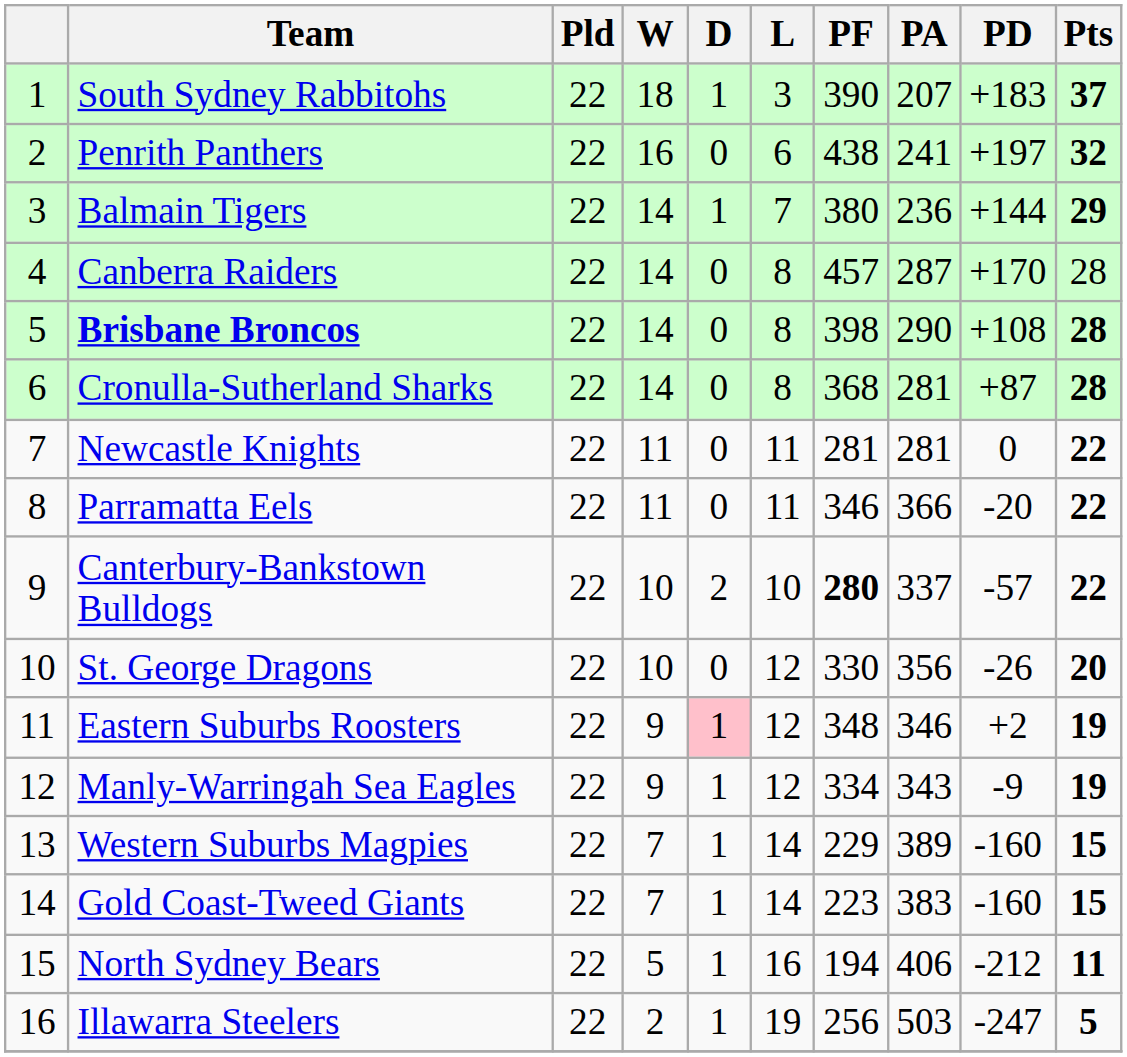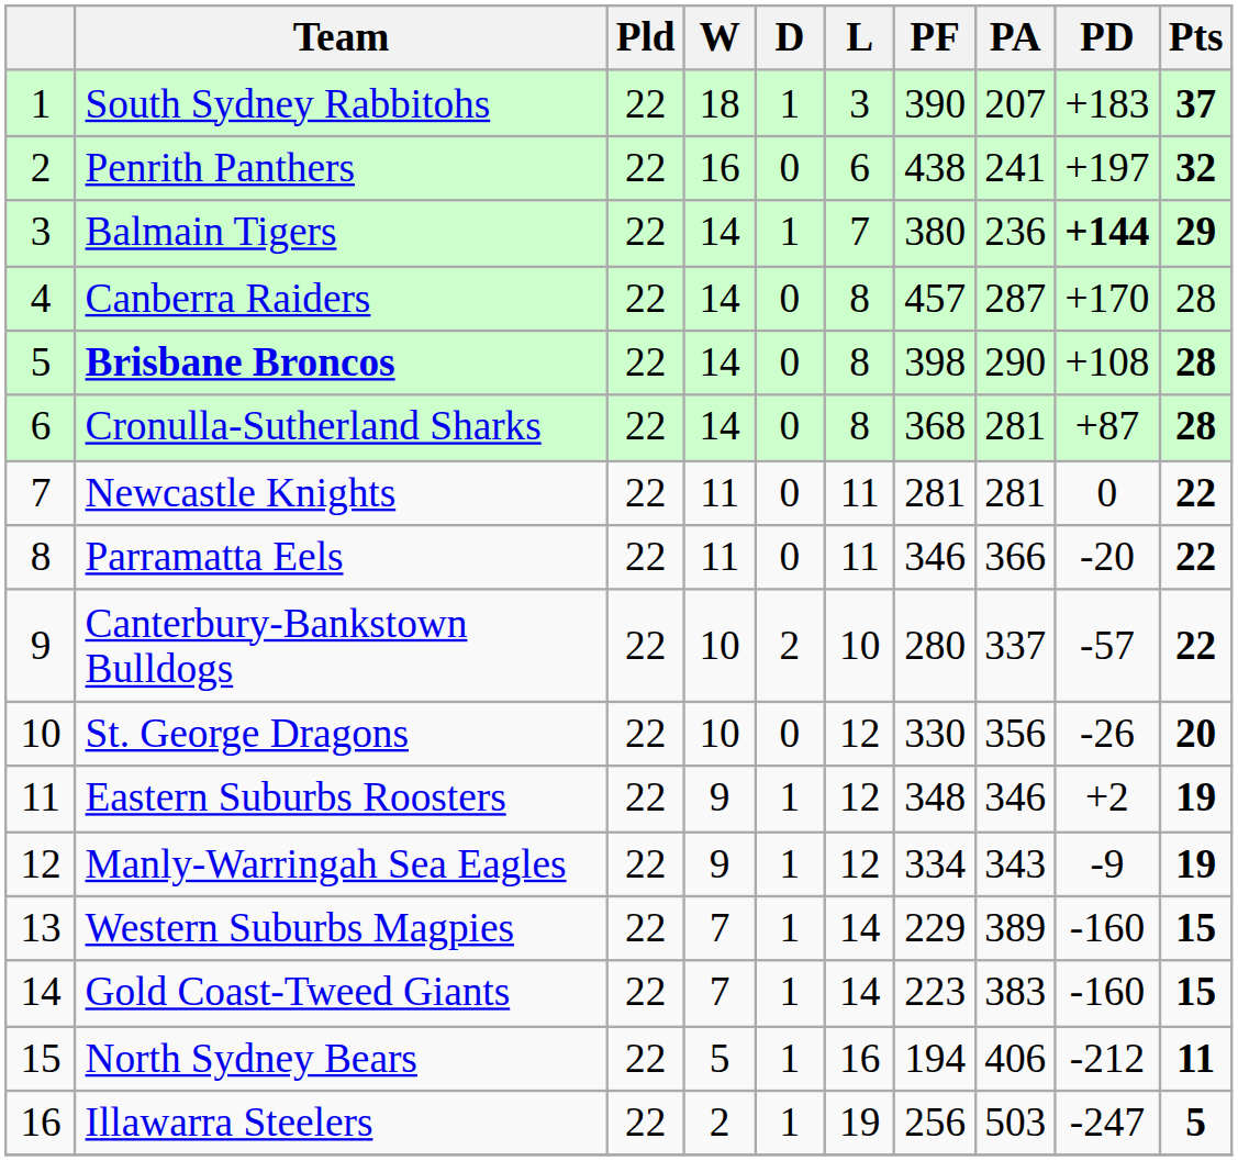 <table class="wikitable" style="text-align:center;">
 <tr>
 <th width=20 abbr="Position×"></th>
 <th width=200>Team</th>
 <th width=20 abbr="Played">Pld</th>
 <th width=20 abbr="Won">W</th>
 <th width=20 abbr="Drawn">D</th>
 <th width=20 abbr="Lost">L</th>
 <th width=20 abbr="Points for">PF</th>
 <th width=20 abbr="Points against">PA</th>
 <th width=20 abbr="Points difference">PD</th>
 <th width=20 abbr="Points">Pts</th>
 </tr>
 <tr style="background: #ccffcc;">
 <td>1</td>
 <td style="text-align:left;"> <a href='#'>South Sydney Rabbitohs</a></td>
 <td>22</td>
 <td>18</td>
 <td>1</td>
 <td>3</td>
 <td>390</td>
 <td>207</td>
 <td>+183</td>
 <td><strong>37</strong></td>
 </tr>
 <tr style="background: #ccffcc;">
 <td>2</td>
 <td style="text-align:left;"> <a href='#'>Penrith Panthers</a></td>
 <td>22</td>
 <td>16</td>
 <td>0</td>
 <td>6</td>
 <td>438</td>
 <td>241</td>
 <td>+197</td>
 <td><strong>32</strong></td>
 </tr>
 <tr style="background: #ccffcc;">
 <td>3</td>
 <td style="text-align:left;"> <a href='#'>Balmain Tigers</a></td>
 <td>22</td>
 <td>14</td>
 <td>1</td>
 <td>7</td>
 <td>380</td>
 <td>236</td>
-<td>+144</td>
+<td><strong>+144</strong></td>
 <td><strong>29</strong></td>
 </tr>
 <tr style="background: #ccffcc;">
 <td>4</td>
 <td style="text-align:left;"> <a href='#'>Canberra Raiders</a></td>
 <td>22</td>
 <td>14</td>
 <td>0</td>
 <td>8</td>
 <td>457</td>
 <td>287</td>
 <td>+170</td>
 <td>28</td>
 </tr>
 <tr style="background: #ccffcc;">
 <td>5</td>
 <td style="text-align:left;"> <strong><a href='#'>Brisbane Broncos</a></strong></td>
 <td>22</td>
 <td>14</td>
 <td>0</td>
 <td>8</td>
 <td>398</td>
 <td>290</td>
 <td>+108</td>
 <td><strong>28</strong></td>
 </tr>
 <tr style="background: #ccffcc;">
 <td>6</td>
 <td style="text-align:left;"> <a href='#'>Cronulla-Sutherland Sharks</a></td>
 <td>22</td>
 <td>14</td>
 <td>0</td>
 <td>8</td>
 <td>368</td>
 <td>281</td>
 <td>+87</td>
 <td><strong>28</strong></td>
 </tr>
 <tr>
 <td>7</td>
 <td style="text-align:left;"> <a href='#'>Newcastle Knights</a></td>
 <td>22</td>
 <td>11</td>
 <td>0</td>
 <td>11</td>
 <td>281</td>
 <td>281</td>
 <td>0</td>
 <td><strong>22</strong></td>
 </tr>
 <tr>
 <td>8</td>
 <td style="text-align:left;"> <a href='#'>Parramatta Eels</a></td>
 <td>22</td>
 <td>11</td>
 <td>0</td>
 <td>11</td>
 <td>346</td>
 <td>366</td>
 <td>-20</td>
 <td><strong>22</strong></td>
 </tr>
 <tr>
 <td>9</td>
 <td style="text-align:left;"> <a href='#'>Canterbury-Bankstown Bulldogs</a></td>
 <td>22</td>
 <td>10</td>
 <td>2</td>
 <td>10</td>
-<td><strong>280</strong></td>
+<td>280</td>
 <td>337</td>
 <td>-57</td>
 <td><strong>22</strong></td>
 </tr>
 <tr>
 <td>10</td>
 <td style="text-align:left;"> <a href='#'>St. George Dragons</a></td>
 <td>22</td>
 <td>10</td>
 <td>0</td>
 <td>12</td>
 <td>330</td>
 <td>356</td>
 <td>-26</td>
 <td><strong>20</strong></td>
 </tr>
 <tr>
 <td>11</td>
 <td style="text-align:left;"> <a href='#'>Eastern Suburbs Roosters</a></td>
 <td>22</td>
 <td>9</td>
-<td style="background: pink;">1</td>
+<td>1</td>
 <td>12</td>
 <td>348</td>
 <td>346</td>
 <td>+2</td>
 <td><strong>19</strong></td>
 </tr>
 <tr>
 <td>12</td>
 <td style="text-align:left;"> <a href='#'>Manly-Warringah Sea Eagles</a></td>
 <td>22</td>
 <td>9</td>
 <td>1</td>
 <td>12</td>
 <td>334</td>
 <td>343</td>
 <td>-9</td>
 <td><strong>19</strong></td>
 </tr>
 <tr>
 <td>13</td>
 <td style="text-align:left;"> <a href='#'>Western Suburbs Magpies</a></td>
 <td>22</td>
 <td>7</td>
 <td>1</td>
 <td>14</td>
 <td>229</td>
 <td>389</td>
 <td>-160</td>
 <td><strong>15</strong></td>
 </tr>
 <tr>
 <td>14</td>
 <td style="text-align:left;"> <a href='#'>Gold Coast-Tweed Giants</a></td>
 <td>22</td>
 <td>7</td>
 <td>1</td>
 <td>14</td>
 <td>223</td>
 <td>383</td>
 <td>-160</td>
 <td><strong>15</strong></td>
 </tr>
 <tr>
 <td>15</td>
 <td style="text-align:left;"> <a href='#'>North Sydney Bears</a></td>
 <td>22</td>
 <td>5</td>
 <td>1</td>
 <td>16</td>
 <td>194</td>
 <td>406</td>
 <td>-212</td>
 <td><strong>11</strong></td>
 </tr>
 <tr>
 <td>16</td>
 <td style="text-align:left;"> <a href='#'>Illawarra Steelers</a></td>
 <td>22</td>
 <td>2</td>
 <td>1</td>
 <td>19</td>
 <td>256</td>
 <td>503</td>
 <td>-247</td>
 <td><strong>5</strong></td>
 </tr>
 <tr>
 </tr>
 </table>
